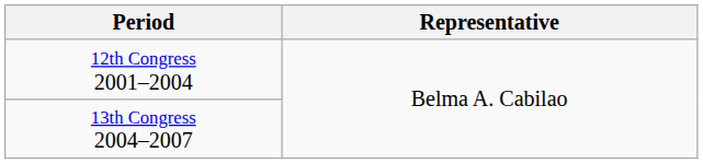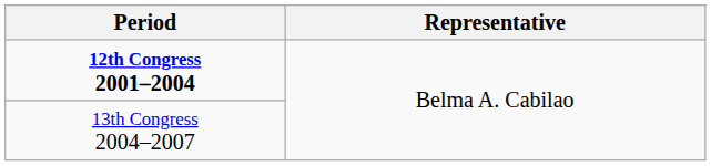 <table class="wikitable" style="text-align:center; width:40%;">
 <tr>
 <th width="40%">Period</th>
 <th>Representative</th>
 </tr>
 <tr>
-<td><small><a href='#'>12th Congress</a></small><br>2001–2004</td>
+<td><strong><small><a href='#'>12th Congress</a></small><br>2001–2004</strong></td>
 <td rowspan="2">Belma A. Cabilao</td>
 </tr>
 <tr>
 <td><small><a href='#'>13th Congress</a></small><br>2004–2007</td>
 </tr>
 </table>
